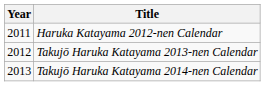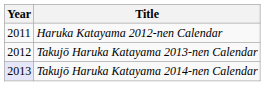 <table class="wikitable">
 <tr>
 <th>Year</th>
 <th>Title</th>
 </tr>
 <tr>
 <td>2011</td>
 <td><em>Haruka Katayama 2012-nen Calendar</em></td>
 </tr>
 <tr>
 <td>2012</td>
 <td><em>Takujō Haruka Katayama 2013-nen Calendar</em></td>
 </tr>
 <tr>
-<td>2013</td>
+<td style="background: lavender;">2013</td>
 <td><em>Takujō Haruka Katayama 2014-nen Calendar</em></td>
 </tr>
 </table>
